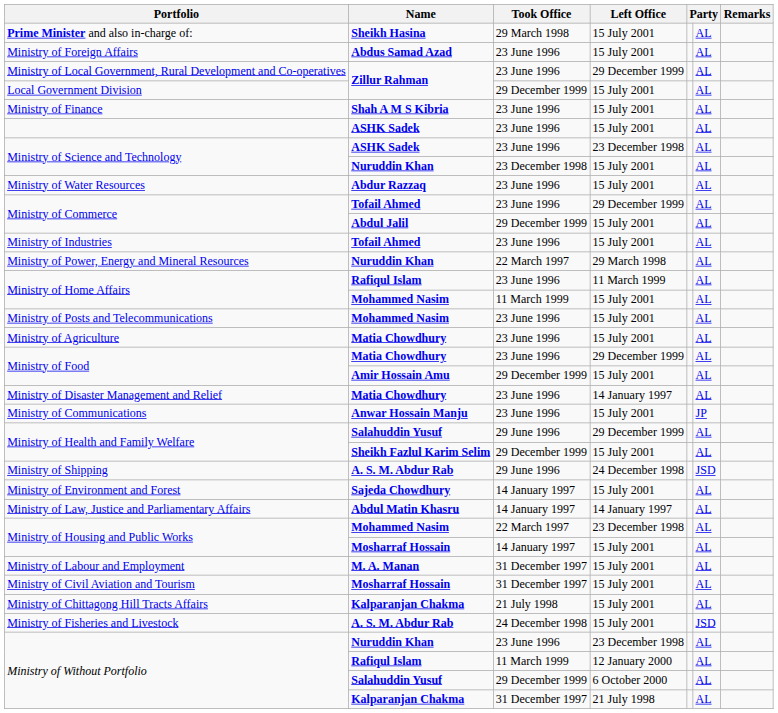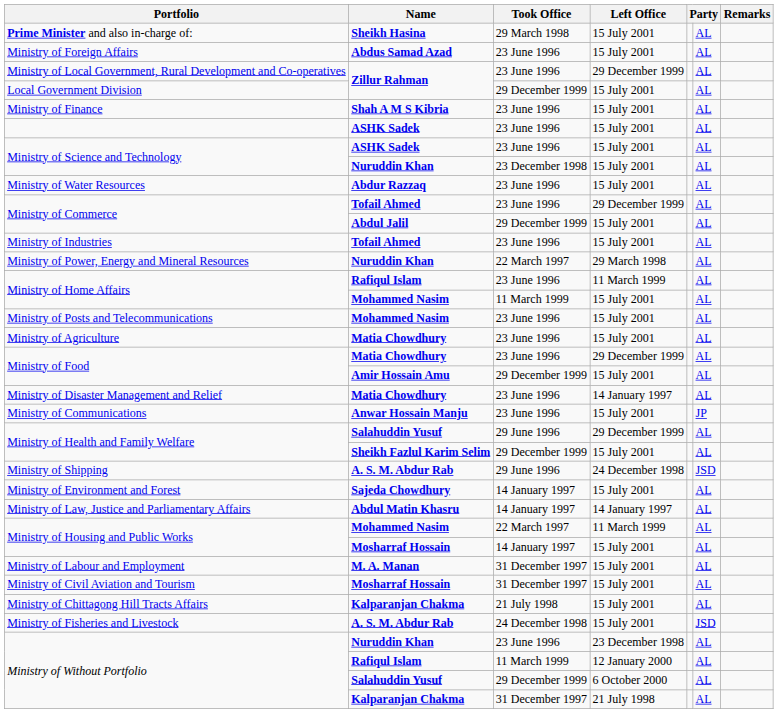 <table class="wikitable sortable">
 <tr>
 <th>Portfolio</th>
 <th>Name</th>
 <th>Took Office</th>
 <th>Left Office</th>
 <th colspan="2">Party</th>
 <th>Remarks</th>
 </tr>
 <tr>
 <td><a href='#'><strong>Prime Minister</strong></a> and also in-charge of:</td>
 <td><strong><a href='#'>Sheikh Hasina</a></strong></td>
 <td>29 March 1998</td>
 <td>15 July 2001</td>
 <td style="background-color:"></td>
 <td><a href='#'>AL</a></td>
 <td></td>
 </tr>
 <tr>
 <td><a href='#'>Ministry of Foreign Affairs</a></td>
 <td><strong><a href='#'>Abdus Samad Azad</a></strong></td>
 <td>23 June 1996</td>
 <td>15 July 2001</td>
 <td style="background-color:"></td>
 <td><a href='#'>AL</a></td>
 <td></td>
 </tr>
 <tr>
 <td><a href='#'>Ministry of Local Government, Rural Development and Co-operatives</a></td>
 <td rowspan="2"><strong><a href='#'>Zillur Rahman</a></strong></td>
 <td>23 June 1996</td>
 <td>29 December 1999</td>
 <td style="background-color:"></td>
 <td><a href='#'>AL</a></td>
 <td></td>
 </tr>
 <tr>
 <td><a href='#'>Local Government Division</a></td>
 <td>29 December 1999</td>
 <td>15 July 2001</td>
 <td style="background-color:"></td>
 <td><a href='#'>AL</a></td>
 <td></td>
 </tr>
 <tr>
 <td><a href='#'>Ministry of Finance</a></td>
 <td><strong><a href='#'>Shah A M S Kibria</a></strong></td>
 <td>23 June 1996</td>
 <td>15 July 2001</td>
 <td style="background-color:"></td>
 <td><a href='#'>AL</a></td>
 </tr>
 <tr>
 <td></td>
 <td><strong><a href='#'>ASHK Sadek</a></strong></td>
 <td>23 June 1996</td>
 <td>15 July 2001</td>
 <td style="background-color:"></td>
 <td><a href='#'>AL</a></td>
 <td></td>
 </tr>
 <tr>
 <td rowspan="2"><a href='#'>Ministry of Science and Technology</a></td>
 <td><strong><a href='#'>ASHK Sadek</a></strong></td>
 <td>23 June 1996</td>
-<td>23 December 1998</td>
+<td>15 July 2001</td>
 <td style="background-color:"></td>
 <td><a href='#'>AL</a></td>
 <td></td>
 </tr>
 <tr>
 <td><strong><a href='#'>Nuruddin Khan</a></strong></td>
 <td>23 December 1998</td>
 <td>15 July 2001</td>
 <td style="background-color:"></td>
 <td><a href='#'>AL</a></td>
 <td></td>
 </tr>
 <tr>
 <td><a href='#'>Ministry of Water Resources</a></td>
 <td><a href='#'><strong>Abdur Razzaq</strong></a></td>
 <td>23 June 1996</td>
 <td>15 July 2001</td>
 <td style="background-color:"></td>
 <td><a href='#'>AL</a></td>
 <td></td>
 </tr>
 <tr>
 <td rowspan="2"><a href='#'>Ministry of Commerce</a></td>
 <td><a href='#'><strong>Tofail Ahmed</strong></a></td>
 <td>23 June 1996</td>
 <td>29 December 1999</td>
 <td style="background-color:"></td>
 <td><a href='#'>AL</a></td>
 <td></td>
 </tr>
 <tr>
 <td><a href='#'><strong>Abdul Jalil</strong></a></td>
 <td>29 December 1999</td>
 <td>15 July 2001</td>
 <td style="background-color:"></td>
 <td><a href='#'>AL</a></td>
 <td></td>
 </tr>
 <tr>
 <td><a href='#'>Ministry of Industries</a></td>
 <td><a href='#'><strong>Tofail Ahmed</strong></a></td>
 <td>23 June 1996</td>
 <td>15 July 2001</td>
 <td style="background-color:"></td>
 <td><a href='#'>AL</a></td>
 <td></td>
 </tr>
 <tr>
 <td><a href='#'>Ministry of Power, Energy and Mineral Resources</a></td>
 <td><strong><a href='#'>Nuruddin Khan</a></strong></td>
 <td>22 March 1997</td>
 <td>29 March 1998</td>
 <td style="background-color:"></td>
 <td><a href='#'>AL</a></td>
 <td></td>
 </tr>
 <tr>
 <td rowspan="2"><a href='#'>Ministry of Home Affairs</a></td>
 <td><a href='#'><strong>Rafiqul Islam</strong></a></td>
 <td>23 June 1996</td>
 <td>11 March 1999</td>
 <td style="background-color:"></td>
 <td><a href='#'>AL</a></td>
 <td></td>
 </tr>
 <tr>
 <td><strong><a href='#'>Mohammed Nasim</a></strong></td>
 <td>11 March 1999</td>
 <td>15 July 2001</td>
 <td style="background-color:"></td>
 <td><a href='#'>AL</a></td>
 <td></td>
 </tr>
 <tr>
 <td><a href='#'>Ministry of Posts and Telecommunications</a></td>
 <td><strong><a href='#'>Mohammed Nasim</a></strong></td>
 <td>23 June 1996</td>
 <td>15 July 2001</td>
 <td style="background-color:"></td>
 <td><a href='#'>AL</a></td>
 <td></td>
 </tr>
 <tr>
 <td><a href='#'>Ministry of Agriculture</a></td>
 <td><strong><a href='#'>Matia Chowdhury</a></strong></td>
 <td>23 June 1996</td>
 <td>15 July 2001</td>
 <td style="background-color:"></td>
 <td><a href='#'>AL</a></td>
 <td></td>
 </tr>
 <tr>
 <td rowspan="2"><a href='#'>Ministry of Food</a></td>
 <td><strong><a href='#'>Matia Chowdhury</a></strong></td>
 <td>23 June 1996</td>
 <td>29 December 1999</td>
 <td style="background-color:"></td>
 <td><a href='#'>AL</a></td>
 <td></td>
 </tr>
 <tr>
 <td><strong><a href='#'>Amir Hossain Amu</a></strong></td>
 <td>29 December 1999</td>
 <td>15 July 2001</td>
 <td style="background-color:"></td>
 <td><a href='#'>AL</a></td>
 <td></td>
 </tr>
 <tr>
 <td><a href='#'>Ministry of Disaster Management and Relief</a></td>
 <td><strong><a href='#'>Matia Chowdhury</a></strong></td>
 <td>23 June 1996</td>
 <td>14 January 1997</td>
 <td style="background-color:"></td>
 <td><a href='#'>AL</a></td>
 <td></td>
 </tr>
 <tr>
 <td><a href='#'>Ministry of Communications</a></td>
 <td><strong><a href='#'>Anwar Hossain Manju</a></strong></td>
 <td>23 June 1996</td>
 <td>15 July 2001</td>
 <td style="background-color:"></td>
 <td><a href='#'>JP</a></td>
 <td></td>
 </tr>
 <tr>
 <td rowspan="2"><a href='#'>Ministry of Health and Family Welfare</a></td>
 <td><strong><a href='#'>Salahuddin Yusuf</a></strong></td>
 <td>29 June 1996</td>
 <td>29 December 1999</td>
 <td style="background-color:"></td>
 <td><a href='#'>AL</a></td>
 <td></td>
 </tr>
 <tr>
 <td><a href='#'><strong>Sheikh Fazlul Karim Selim</strong></a></td>
 <td>29 December 1999</td>
 <td>15 July 2001</td>
 <td style="background-color:"></td>
 <td><a href='#'>AL</a></td>
 <td></td>
 </tr>
 <tr>
 <td><a href='#'>Ministry of Shipping</a></td>
 <td><strong><a href='#'>A. S. M. Abdur Rab</a></strong></td>
 <td>29 June 1996</td>
 <td>24 December 1998</td>
 <td style="background-color:"></td>
 <td><a href='#'>JSD</a></td>
 <td></td>
 </tr>
 <tr>
 <td><a href='#'>Ministry of Environment and Forest</a></td>
 <td><a href='#'><strong>Sajeda Chowdhury</strong></a></td>
 <td>14 January 1997</td>
 <td>15 July 2001</td>
 <td style="background-color:"></td>
 <td><a href='#'>AL</a></td>
 <td></td>
 </tr>
 <tr>
 <td><a href='#'>Ministry of Law, Justice and Parliamentary Affairs</a></td>
 <td><strong><a href='#'>Abdul Matin Khasru</a></strong></td>
 <td>14 January 1997</td>
 <td>14 January 1997</td>
 <td style="background-color:"></td>
 <td><a href='#'>AL</a></td>
 <td></td>
 </tr>
 <tr>
 <td rowspan="2"><a href='#'>Ministry of Housing and Public Works</a></td>
 <td><strong><a href='#'>Mohammed Nasim</a></strong></td>
 <td>22 March 1997</td>
-<td>23 December 1998</td>
+<td>11 March 1999</td>
 <td style="background-color:"></td>
 <td><a href='#'>AL</a></td>
 <td></td>
 </tr>
 <tr>
 <td><a href='#'><strong>Mosharraf Hossain</strong></a></td>
 <td>14 January 1997</td>
 <td>15 July 2001</td>
 <td style="background-color:"></td>
 <td><a href='#'>AL</a></td>
 <td></td>
 </tr>
 <tr>
 <td><a href='#'>Ministry of Labour and Employment</a></td>
 <td><strong><a href='#'>M. A. Manan</a></strong></td>
 <td>31 December 1997</td>
 <td>15 July 2001</td>
 <td style="background-color:"></td>
 <td><a href='#'>AL</a></td>
 <td></td>
 </tr>
 <tr>
 <td><a href='#'>Ministry of Civil Aviation and Tourism</a></td>
 <td><a href='#'><strong>Mosharraf Hossain</strong></a></td>
 <td>31 December 1997</td>
 <td>15 July 2001</td>
 <td style="background-color:"></td>
 <td><a href='#'>AL</a></td>
 <td></td>
 </tr>
 <tr>
 <td><a href='#'>Ministry of Chittagong Hill Tracts Affairs</a></td>
 <td><strong><a href='#'>Kalparanjan Chakma</a></strong></td>
 <td>21 July 1998</td>
 <td>15 July 2001</td>
 <td style="background-color:"></td>
 <td><a href='#'>AL</a></td>
 <td></td>
 </tr>
 <tr>
 <td><a href='#'>Ministry of Fisheries and Livestock</a></td>
 <td><strong><a href='#'>A. S. M. Abdur Rab</a></strong></td>
 <td>24 December 1998</td>
 <td>15 July 2001</td>
 <td style="background-color:"></td>
 <td><a href='#'>JSD</a></td>
 <td></td>
 </tr>
 <tr>
 <td rowspan="4"><em>Ministry of Without Portfolio</em></td>
 <td><strong><a href='#'>Nuruddin Khan</a></strong></td>
 <td>23 June 1996</td>
 <td>23 December 1998</td>
 <td style="background-color:"></td>
 <td><a href='#'>AL</a></td>
 <td></td>
 </tr>
 <tr>
 <td><a href='#'><strong>Rafiqul Islam</strong></a></td>
 <td>11 March 1999</td>
 <td>12 January 2000</td>
 <td style="background-color:"></td>
 <td><a href='#'>AL</a></td>
 <td></td>
 </tr>
 <tr>
 <td><strong><a href='#'>Salahuddin Yusuf</a></strong></td>
 <td>29 December 1999</td>
 <td>6 October 2000</td>
 <td style="background-color:"></td>
 <td><a href='#'>AL</a></td>
 <td></td>
 </tr>
 <tr>
 <td><strong><a href='#'>Kalparanjan Chakma</a></strong></td>
 <td>31 December 1997</td>
 <td>21 July 1998</td>
 <td style="background-color:"></td>
 <td><a href='#'>AL</a></td>
 <td></td>
 </tr>
 </table>
